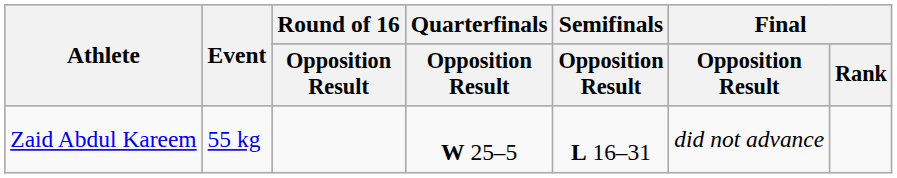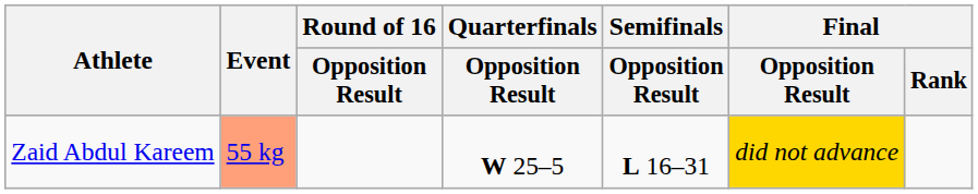 <table class="wikitable" style="text-align:center;font-size:90%">
 <tr>
 <th rowspan=2>Athlete</th>
 <th rowspan=2>Event</th>
 <th>Round of 16</th>
 <th>Quarterfinals</th>
 <th>Semifinals</th>
 <th colspan=2>Final</th>
 </tr>
 <tr style="font-size:95%">
 <th>Opposition<br>Result</th>
 <th>Opposition<br>Result</th>
 <th>Opposition<br>Result</th>
 <th>Opposition<br>Result</th>
 <th>Rank</th>
 </tr>
 <tr>
 <td align=left><a href='#'>Zaid Abdul Kareem</a></td>
-<td align=left><a href='#'>55 kg</a></td>
+<td align=left style="background: lightsalmon;"><a href='#'>55 kg</a></td>
 <td></td>
 <td><br><strong>W</strong> 25–5</td>
 <td><br><strong>L</strong> 16–31</td>
-<td><em>did not advance</em></td>
+<td style="background: gold;"><em>did not advance</em></td>
 <td></td>
 </tr>
 </table>
